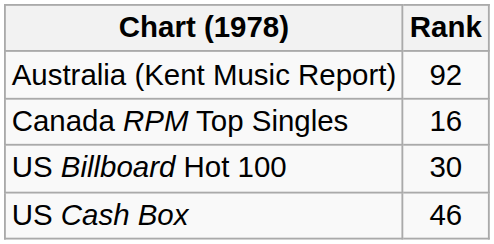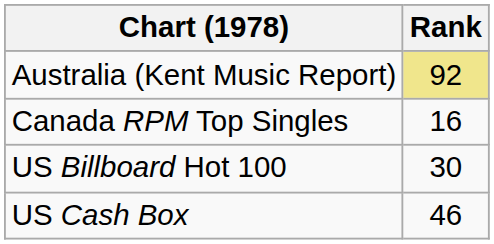 <table class="wikitable">
 <tr>
 <th align="left">Chart (1978)</th>
 <th style="text-align:center;">Rank</th>
 </tr>
 <tr>
 <td>Australia (Kent Music Report)</td>
-<td style="text-align:center;">92</td>
+<td style="background: khaki; text-align:center;">92</td>
 </tr>
 <tr>
 <td>Canada <em>RPM</em> Top Singles</td>
 <td style="text-align:center;">16</td>
 </tr>
 <tr>
 <td>US <em>Billboard</em> Hot 100</td>
 <td style="text-align:center;">30</td>
 </tr>
 <tr>
 <td>US <em>Cash Box</em> </td>
 <td style="text-align:center;">46</td>
 </tr>
 </table>
